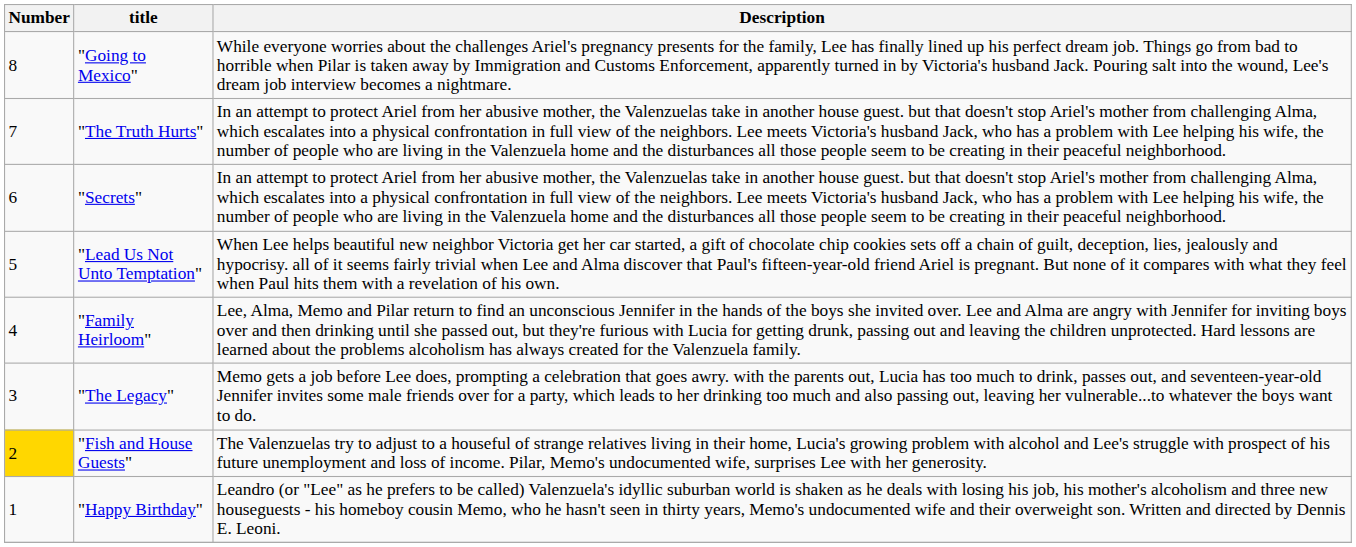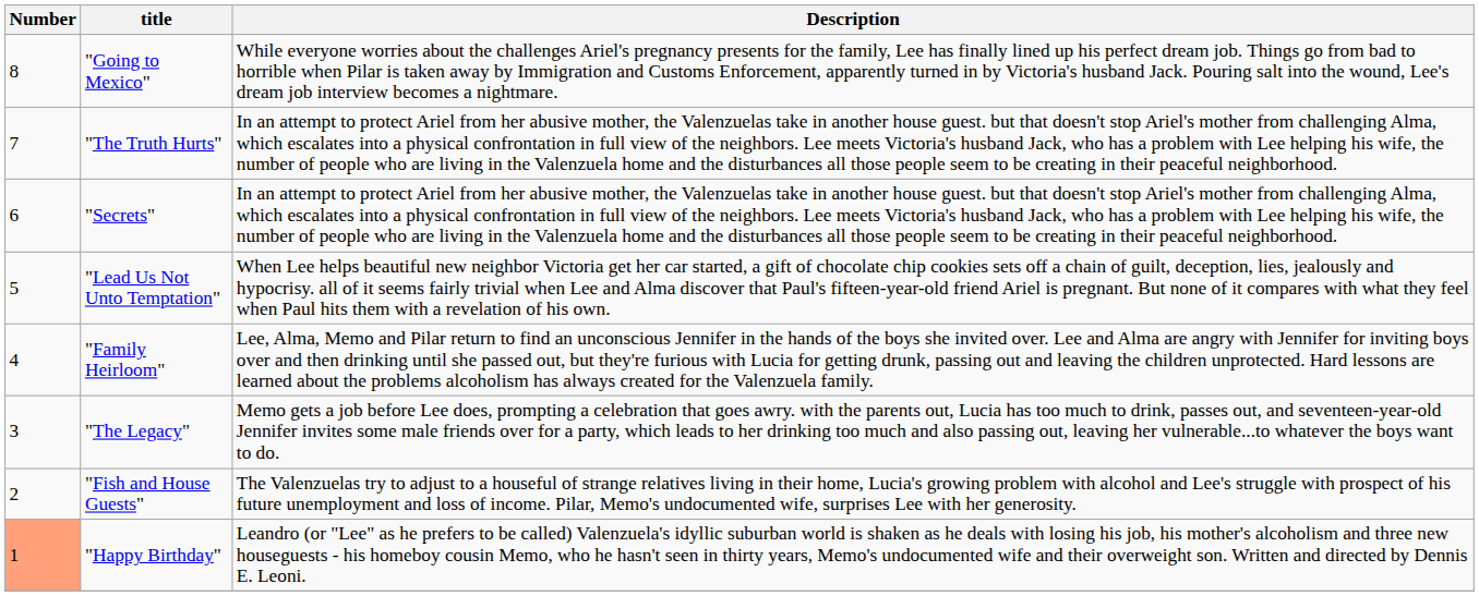 <table class="wikitable">
 <tr>
 <th>Number</th>
 <th>title</th>
 <th>Description</th>
 </tr>
 <tr>
 <td>8</td>
 <td>"<a href='#'>Going to Mexico</a>"</td>
 <td>While everyone worries about the challenges Ariel's pregnancy presents for the family, Lee has finally lined up his perfect dream job. Things go from bad to horrible when Pilar is taken away by Immigration and Customs Enforcement, apparently turned in by Victoria's husband Jack. Pouring salt into the wound, Lee's dream job interview becomes a nightmare.</td>
 </tr>
 <tr>
 <td>7</td>
 <td>"<a href='#'>The Truth Hurts</a>"</td>
 <td>In an attempt to protect Ariel from her abusive mother, the Valenzuelas take in another house guest. but that doesn't stop Ariel's mother from challenging Alma, which escalates into a physical confrontation in full view of the neighbors. Lee meets Victoria's husband Jack, who has a problem with Lee helping his wife, the number of people who are living in the Valenzuela home and the disturbances all those people seem to be creating in their peaceful neighborhood.</td>
 </tr>
 <tr>
 <td>6</td>
 <td>"<a href='#'>Secrets</a>"</td>
 <td>In an attempt to protect Ariel from her abusive mother, the Valenzuelas take in another house guest. but that doesn't stop Ariel's mother from challenging Alma, which escalates into a physical confrontation in full view of the neighbors. Lee meets Victoria's husband Jack, who has a problem with Lee helping his wife, the number of people who are living in the Valenzuela home and the disturbances all those people seem to be creating in their peaceful neighborhood.</td>
 </tr>
 <tr>
 <td>5</td>
 <td>"<a href='#'>Lead Us Not Unto Temptation</a>"</td>
 <td>When Lee helps beautiful new neighbor Victoria get her car started, a gift of chocolate chip cookies sets off a chain of guilt, deception, lies, jealously and hypocrisy. all of it seems fairly trivial when Lee and Alma discover that Paul's fifteen-year-old friend Ariel is pregnant. But none of it compares with what they feel when Paul hits them with a revelation of his own.</td>
 </tr>
 <tr>
 <td>4</td>
 <td>"<a href='#'>Family Heirloom</a>"</td>
 <td>Lee, Alma, Memo and Pilar return to find an unconscious Jennifer in the hands of the boys she invited over. Lee and Alma are angry with Jennifer for inviting boys over and then drinking until she passed out, but they're furious with Lucia for getting drunk, passing out and leaving the children unprotected. Hard lessons are learned about the problems alcoholism has always created for the Valenzuela family.</td>
 </tr>
 <tr>
 <td>3</td>
 <td>"<a href='#'>The Legacy</a>"</td>
 <td>Memo gets a job before Lee does, prompting a celebration that goes awry. with the parents out, Lucia has too much to drink, passes out, and seventeen-year-old Jennifer invites some male friends over for a party, which leads to her drinking too much and also passing out, leaving her vulnerable...to whatever the boys want to do.</td>
 </tr>
 <tr>
-<td style="background: gold;">2</td>
+<td>2</td>
 <td>"<a href='#'>Fish and House Guests</a>"</td>
 <td>The Valenzuelas try to adjust to a houseful of strange relatives living in their home, Lucia's growing problem with alcohol and Lee's struggle with prospect of his future unemployment and loss of income. Pilar, Memo's undocumented wife, surprises Lee with her generosity.</td>
 </tr>
 <tr>
-<td>1</td>
+<td style="background: lightsalmon;">1</td>
 <td>"<a href='#'>Happy Birthday</a>"</td>
 <td>Leandro (or "Lee" as he prefers to be called) Valenzuela's idyllic suburban world is shaken as he deals with losing his job, his mother's alcoholism and three new houseguests - his homeboy cousin Memo, who he hasn't seen in thirty years, Memo's undocumented wife and their overweight son. Written and directed by Dennis E. Leoni.</td>
 </tr>
 <tr>
 </tr>
 </table>
